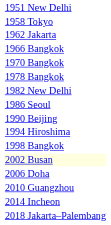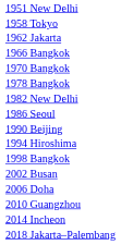 <table>
 <tr>
 <td><a href='#'>1951 New Delhi</a></td>
 <td></td>
 <td></td>
 <td></td>
 </tr>
 <tr>
 <td><a href='#'>1958 Tokyo</a></td>
 <td></td>
 <td></td>
 <td></td>
 </tr>
 <tr>
 <td><a href='#'>1962 Jakarta</a></td>
 <td></td>
 <td></td>
 <td></td>
 </tr>
 <tr>
 <td><a href='#'>1966 Bangkok</a></td>
 <td></td>
 <td></td>
 <td></td>
 </tr>
 <tr>
 <td><a href='#'>1970 Bangkok</a></td>
 <td></td>
 <td></td>
 <td></td>
 </tr>
 <tr>
 <td><a href='#'>1978 Bangkok</a></td>
 <td></td>
 <td></td>
 <td></td>
 </tr>
 <tr>
 <td><a href='#'>1982 New Delhi</a></td>
 <td></td>
 <td></td>
 <td></td>
 </tr>
 <tr>
 <td><a href='#'>1986 Seoul</a></td>
 <td></td>
 <td></td>
 <td></td>
 </tr>
 <tr>
 <td><a href='#'>1990 Beijing</a></td>
 <td></td>
 <td></td>
 <td></td>
 </tr>
 <tr>
 <td><a href='#'>1994 Hiroshima</a></td>
 <td></td>
 <td></td>
 <td></td>
 </tr>
 <tr>
 <td><a href='#'>1998 Bangkok</a></td>
 <td></td>
 <td></td>
 <td></td>
 </tr>
 <tr>
-<td style="background: lightyellow;"><a href='#'>2002 Busan</a></td>
+<td><a href='#'>2002 Busan</a></td>
 <td></td>
 <td></td>
 <td></td>
 </tr>
 <tr>
 <td><a href='#'>2006 Doha</a></td>
 <td></td>
 <td></td>
 <td></td>
 </tr>
 <tr>
 <td><a href='#'>2010 Guangzhou</a></td>
 <td></td>
 <td></td>
 <td></td>
 </tr>
 <tr>
 <td><a href='#'>2014 Incheon</a></td>
 <td></td>
 <td></td>
 <td></td>
 </tr>
 <tr>
 <td><a href='#'>2018 Jakarta–Palembang</a></td>
 <td></td>
 <td></td>
 <td></td>
 </tr>
 </table>
